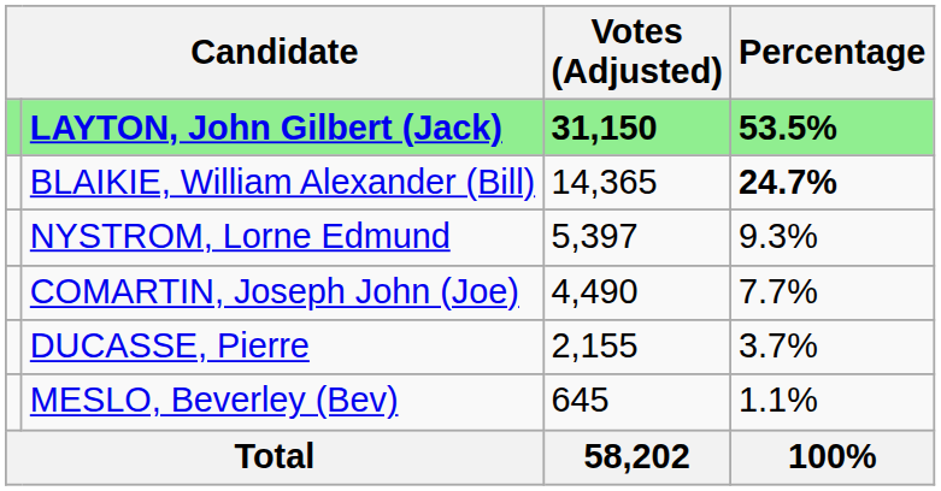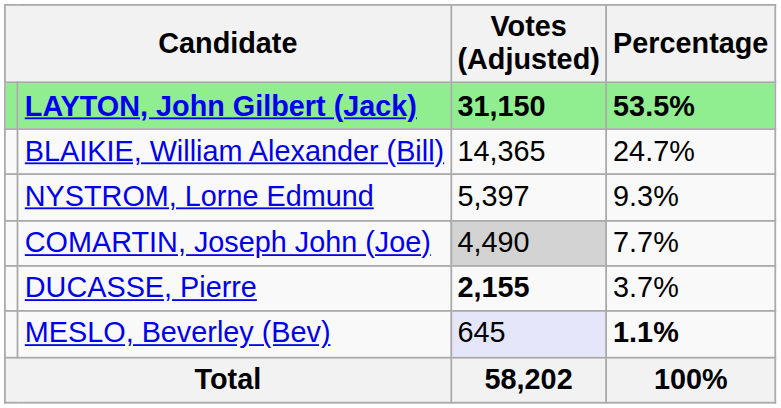 <table class="wikitable">
 <tr>
 <th colspan="2">Candidate</th>
 <th>Votes<br>(Adjusted)</th>
 <th>Percentage</th>
 </tr>
 <tr style="background:lightgreen;">
 <td></td>
 <td><strong><a href='#'>LAYTON, John Gilbert (Jack)</a></strong></td>
 <td><strong>31,150</strong></td>
 <td><strong>53.5%</strong></td>
 </tr>
 <tr>
 <td></td>
 <td><a href='#'>BLAIKIE, William Alexander (Bill)</a></td>
 <td>14,365</td>
-<td><strong>24.7%</strong></td>
+<td>24.7%</td>
 </tr>
 <tr>
 <td></td>
 <td><a href='#'>NYSTROM, Lorne Edmund</a></td>
 <td>5,397</td>
 <td>9.3%</td>
 </tr>
 <tr>
 <td></td>
 <td><a href='#'>COMARTIN, Joseph John (Joe)</a></td>
-<td>4,490</td>
+<td style="background: lightgrey;">4,490</td>
 <td>7.7%</td>
 </tr>
 <tr>
 <td></td>
 <td><a href='#'>DUCASSE, Pierre</a></td>
-<td>2,155</td>
+<td><strong>2,155</strong></td>
 <td>3.7%</td>
 </tr>
 <tr>
 <td></td>
 <td><a href='#'>MESLO, Beverley (Bev)</a></td>
-<td>645</td>
-<td>1.1%</td>
+<td style="background: lavender;">645</td>
+<td><strong>1.1%</strong></td>
 </tr>
 <tr>
 <th colspan="2">Total</th>
 <th>58,202</th>
 <th>100%</th>
 </tr>
 </table>
